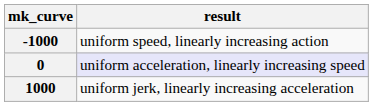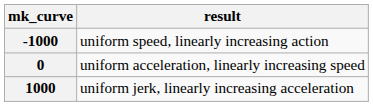 <table class="wikitable">
 <tr>
 <th>mk_curve</th>
 <th>result</th>
 </tr>
 <tr>
 <th>-1000</th>
 <td>uniform speed, linearly increasing action</td>
 </tr>
 <tr>
 <th>0</th>
-<td style="background: lavender;">uniform acceleration, linearly increasing speed</td>
+<td>uniform acceleration, linearly increasing speed</td>
 </tr>
 <tr>
 <th>1000</th>
 <td>uniform jerk, linearly increasing acceleration</td>
 </tr>
 </table>
